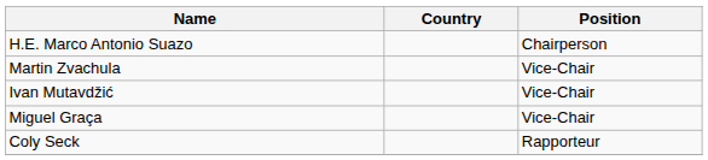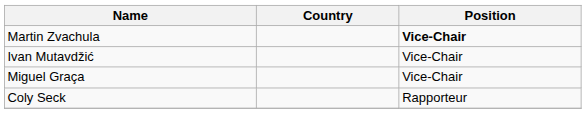 <table class="wikitable" style="display: inline-table; width: 45%">
 <tr>
 <th>Name</th>
 <th>Country</th>
 <th>Position</th>
 </tr>
 <tr>
-<td>H.E. Marco Antonio Suazo</td>
-<td></td>
-<td>Chairperson</td>
-</tr>
-<tr>
 <td>Martin Zvachula</td>
 <td></td>
-<td>Vice-Chair</td>
+<td><strong>Vice-Chair</strong></td>
 </tr>
 <tr>
 <td>Ivan Mutavdžić</td>
 <td></td>
 <td>Vice-Chair</td>
 </tr>
 <tr>
 <td>Miguel Graça</td>
 <td></td>
 <td>Vice-Chair</td>
 </tr>
 <tr>
 <td>Coly Seck</td>
 <td></td>
 <td>Rapporteur</td>
 </tr>
 <tr>
 </tr>
 </table>
